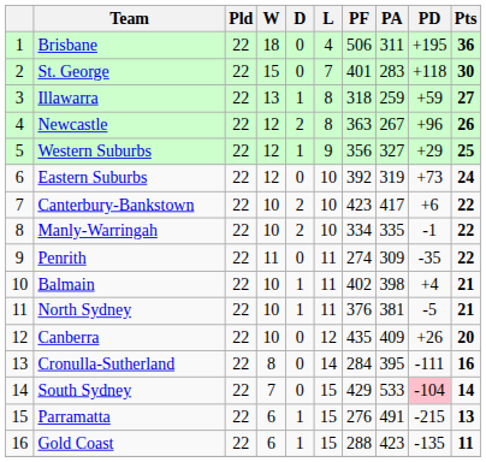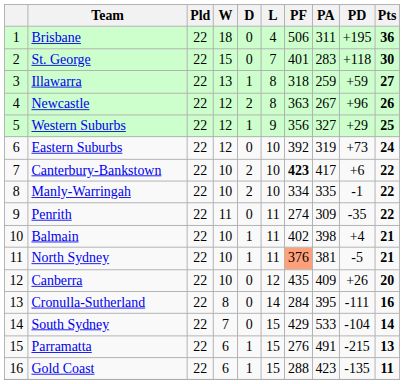 <table class="wikitable" style="text-align:center;">
 <tr>
 <th width=20 abbr="Position×"></th>
 <th width=175>Team</th>
 <th width=20 abbr="Played">Pld</th>
 <th width=20 abbr="Won">W</th>
 <th width=20 abbr="Drawn">D</th>
 <th width=20 abbr="Lost">L</th>
 <th width=20 abbr="Points for">PF</th>
 <th width=20 abbr="Points against">PA</th>
 <th width=20 abbr="Points difference">PD</th>
 <th width=20 abbr="Points">Pts</th>
 </tr>
 <tr style="background: #ccffcc;">
 <td>1</td>
 <td style="text-align:left;"> <a href='#'>Brisbane</a></td>
 <td>22</td>
 <td>18</td>
 <td>0</td>
 <td>4</td>
 <td>506</td>
 <td>311</td>
 <td>+195</td>
 <td><strong>36</strong></td>
 </tr>
 <tr style="background: #ccffcc;">
 <td>2</td>
 <td style="text-align:left;"> <a href='#'>St. George</a></td>
 <td>22</td>
 <td>15</td>
 <td>0</td>
 <td>7</td>
 <td>401</td>
 <td>283</td>
 <td>+118</td>
 <td><strong>30</strong></td>
 </tr>
 <tr style="background: #ccffcc;">
 <td>3</td>
 <td style="text-align:left;"> <a href='#'>Illawarra</a></td>
 <td>22</td>
 <td>13</td>
 <td>1</td>
 <td>8</td>
 <td>318</td>
 <td>259</td>
 <td>+59</td>
 <td><strong>27</strong></td>
 </tr>
 <tr style="background: #ccffcc;">
 <td>4</td>
 <td style="text-align:left;"> <a href='#'>Newcastle</a></td>
 <td>22</td>
 <td>12</td>
 <td>2</td>
 <td>8</td>
 <td>363</td>
 <td>267</td>
 <td>+96</td>
 <td><strong>26</strong></td>
 </tr>
 <tr style="background: #ccffcc;">
 <td>5</td>
 <td style="text-align:left;"> <a href='#'>Western Suburbs</a></td>
 <td>22</td>
 <td>12</td>
 <td>1</td>
 <td>9</td>
 <td>356</td>
 <td>327</td>
 <td>+29</td>
 <td><strong>25</strong></td>
 </tr>
 <tr>
 <td>6</td>
 <td style="text-align:left;"> <a href='#'>Eastern Suburbs</a></td>
 <td>22</td>
 <td>12</td>
 <td>0</td>
 <td>10</td>
 <td>392</td>
 <td>319</td>
 <td>+73</td>
 <td><strong>24</strong></td>
 </tr>
 <tr>
 <td>7</td>
 <td style="text-align:left;"> <a href='#'>Canterbury-Bankstown</a></td>
 <td>22</td>
 <td>10</td>
 <td>2</td>
 <td>10</td>
-<td>423</td>
+<td><strong>423</strong></td>
 <td>417</td>
 <td>+6</td>
 <td><strong>22</strong></td>
 </tr>
 <tr>
 <td>8</td>
 <td style="text-align:left;"> <a href='#'>Manly-Warringah</a></td>
 <td>22</td>
 <td>10</td>
 <td>2</td>
 <td>10</td>
 <td>334</td>
 <td>335</td>
 <td>-1</td>
 <td><strong>22</strong></td>
 </tr>
 <tr>
 <td>9</td>
 <td style="text-align:left;"> <a href='#'>Penrith</a></td>
 <td>22</td>
 <td>11</td>
 <td>0</td>
 <td>11</td>
 <td>274</td>
 <td>309</td>
 <td>-35</td>
 <td><strong>22</strong></td>
 </tr>
 <tr>
 <td>10</td>
 <td style="text-align:left;"> <a href='#'>Balmain</a></td>
 <td>22</td>
 <td>10</td>
 <td>1</td>
 <td>11</td>
 <td>402</td>
 <td>398</td>
 <td>+4</td>
 <td><strong>21</strong></td>
 </tr>
 <tr>
 <td>11</td>
 <td style="text-align:left;"> <a href='#'>North Sydney</a></td>
 <td>22</td>
 <td>10</td>
 <td>1</td>
 <td>11</td>
-<td>376</td>
+<td style="background: lightsalmon;">376</td>
 <td>381</td>
 <td>-5</td>
 <td><strong>21</strong></td>
 </tr>
 <tr>
 <td>12</td>
 <td style="text-align:left;"> <a href='#'>Canberra</a></td>
 <td>22</td>
 <td>10</td>
 <td>0</td>
 <td>12</td>
 <td>435</td>
 <td>409</td>
 <td>+26</td>
 <td><strong>20</strong></td>
 </tr>
 <tr>
 <td>13</td>
 <td style="text-align:left;"> <a href='#'>Cronulla-Sutherland</a></td>
 <td>22</td>
 <td>8</td>
 <td>0</td>
 <td>14</td>
 <td>284</td>
 <td>395</td>
 <td>-111</td>
 <td><strong>16</strong></td>
 </tr>
 <tr>
 <td>14</td>
 <td style="text-align:left;"> <a href='#'>South Sydney</a></td>
 <td>22</td>
 <td>7</td>
 <td>0</td>
 <td>15</td>
 <td>429</td>
 <td>533</td>
-<td style="background: pink;">-104</td>
+<td>-104</td>
 <td><strong>14</strong></td>
 </tr>
 <tr>
 <td>15</td>
 <td style="text-align:left;"> <a href='#'>Parramatta</a></td>
 <td>22</td>
 <td>6</td>
 <td>1</td>
 <td>15</td>
 <td>276</td>
 <td>491</td>
 <td>-215</td>
 <td><strong>13</strong></td>
 </tr>
 <tr>
 <td>16</td>
 <td style="text-align:left;"> <a href='#'>Gold Coast</a></td>
 <td>22</td>
 <td>6</td>
 <td>1</td>
 <td>15</td>
 <td>288</td>
 <td>423</td>
 <td>-135</td>
 <td><strong>11</strong></td>
 </tr>
 <tr>
 </tr>
 </table>
